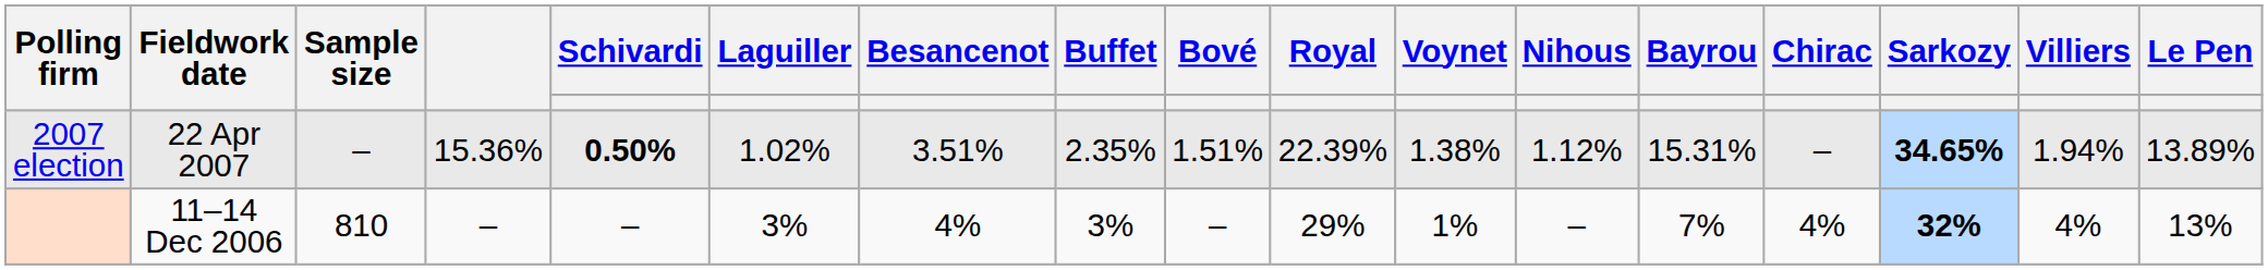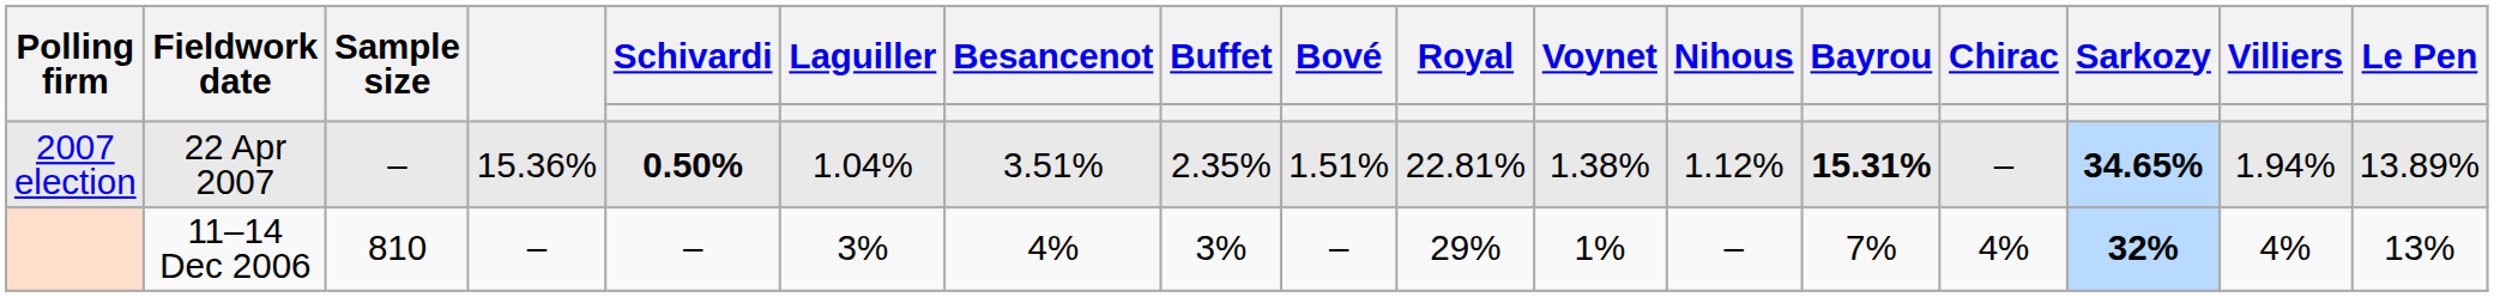 <table class="wikitable sortable" style="text-align:center;font-size:90%;line-height:14px;">
 <tr style="height:40px;">
 <th style="width:100px;" rowspan="2">Polling firm</th>
 <th style="width:110px;" rowspan="2">Fieldwork date</th>
 <th style="width:35px;" rowspan="2">Sample<br>size</th>
 <th style="width:30px;" rowspan="2"></th>
 <th class="unsortable" style="width:60px;"><a href='#'>Schivardi</a><br></th>
 <th class="unsortable" style="width:60px;"><a href='#'>Laguiller</a><br></th>
 <th class="unsortable" style="width:60px;"><a href='#'>Besancenot</a><br></th>
 <th class="unsortable" style="width:60px;"><a href='#'>Buffet</a><br></th>
 <th class="unsortable" style="width:60px;"><a href='#'>Bové</a><br></th>
 <th class="unsortable" style="width:60px;"><a href='#'>Royal</a><br></th>
 <th class="unsortable" style="width:60px;"><a href='#'>Voynet</a><br></th>
 <th class="unsortable" style="width:60px;"><a href='#'>Nihous</a><br></th>
 <th class="unsortable" style="width:60px;"><a href='#'>Bayrou</a><br></th>
 <th class="unsortable" style="width:60px;"><a href='#'>Chirac</a><br></th>
 <th class="unsortable" style="width:60px;"><a href='#'>Sarkozy</a><br></th>
 <th class="unsortable" style="width:60px;"><a href='#'>Villiers</a><br></th>
 <th class="unsortable" style="width:60px;"><a href='#'>Le Pen</a><br></th>
 </tr>
 <tr>
 <th style="background:"></th>
 <th style="background:"></th>
 <th style="background:"></th>
 <th style="background:"></th>
 <th style="background:"></th>
 <th style="background:"></th>
 <th style="background:"></th>
 <th style="background:"></th>
 <th style="background:"></th>
 <th style="background:"></th>
 <th style="background:"></th>
 <th style="background:"></th>
 <th style="background:"></th>
 </tr>
 <tr style="background:#E9E9E9;">
 <td><a href='#'>2007 election</a></td>
 <td data-sort-value="2007-04-22">22 Apr 2007</td>
 <td>–</td>
 <td>15.36%</td>
 <td><strong>0.50%</strong></td>
-<td>1.02%</td>
+<td>1.04%</td>
 <td>3.51%</td>
 <td>2.35%</td>
 <td>1.51%</td>
-<td>22.39%</td>
+<td>22.81%</td>
 <td>1.38%</td>
 <td>1.12%</td>
-<td>15.31%</td>
+<td><strong>15.31%</strong></td>
 <td>–</td>
 <td style="background:#B9DAFF;"><strong>34.65%</strong></td>
 <td>1.94%</td>
 <td>13.89%</td>
 </tr>
 <tr>
 <td style="background:#FFDFCC;"></td>
 <td data-sort-value="2006-12-14">11–14 Dec 2006</td>
 <td>810</td>
 <td>–</td>
 <td>–</td>
 <td>3%</td>
 <td>4%</td>
 <td>3%</td>
 <td>–</td>
 <td>29%</td>
 <td>1%</td>
 <td>–</td>
 <td>7%</td>
 <td>4%</td>
 <td style="background:#B9DAFF;"><strong>32%</strong></td>
 <td>4%</td>
 <td>13%</td>
 </tr>
 </table>
